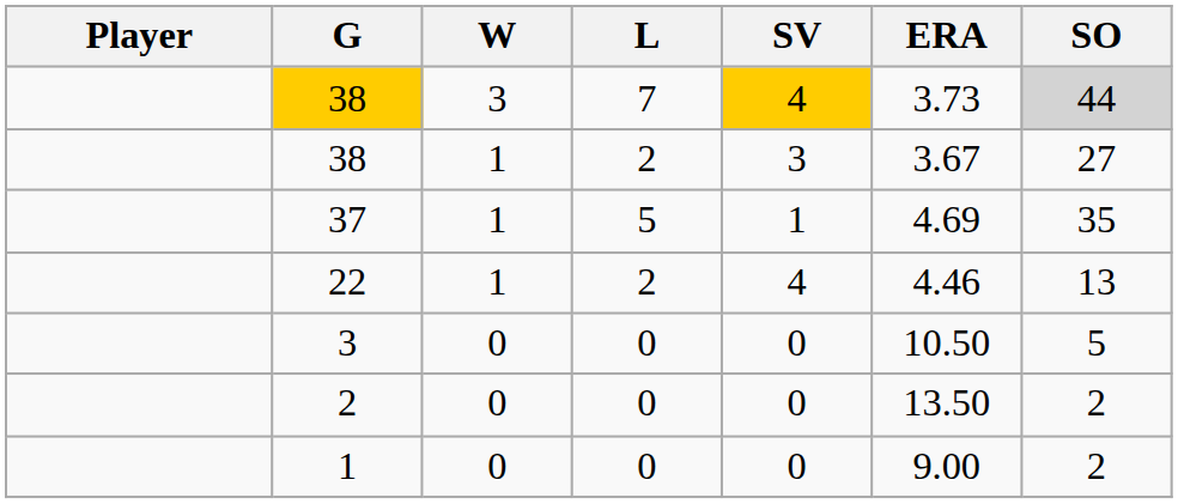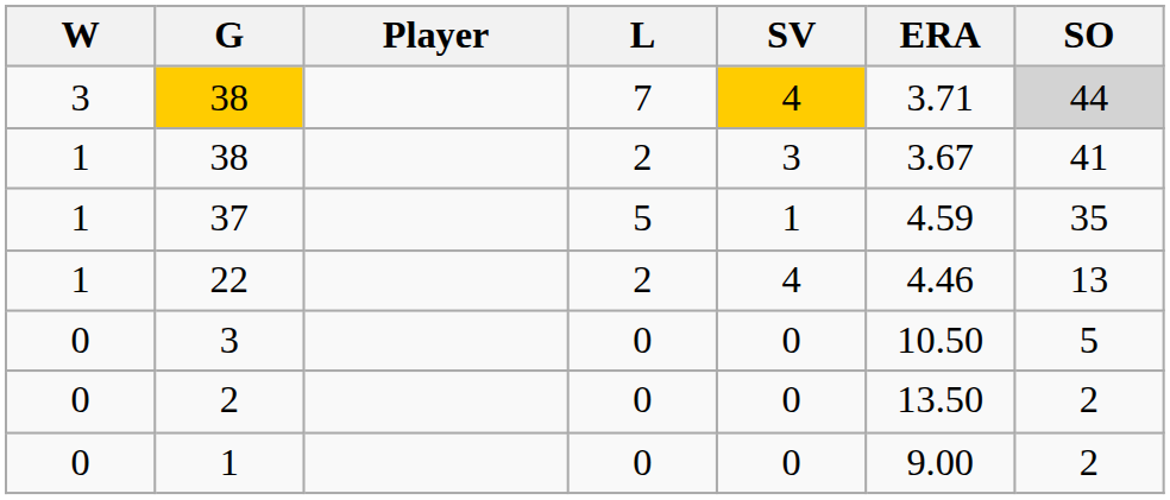 <table class="wikitable sortable">
 <tr>
+<th bgcolor="#DDDDFF" width="9%">W</th>
+<th bgcolor="#DDDDFF" width="9%">G</th>
 <th bgcolor="#DDDDFF" width="16%">Player</th>
-<th bgcolor="#DDDDFF" width="9%">G</th>
-<th bgcolor="#DDDDFF" width="9%">W</th>
 <th bgcolor="#DDDDFF" width="9%">L</th>
 <th bgcolor="#DDDDFF" width="9%">SV</th>
 <th bgcolor="#DDDDFF" width="9%">ERA</th>
 <th bgcolor="#DDDDFF" width="9%">SO</th>
 </tr>
 <tr align="center">
+<td>3</td>
+<td style="background:#fc0;">38</td>
 <td></td>
-<td style="background:#fc0;">38</td>
-<td>3</td>
 <td>7</td>
 <td style="background:#fc0;">4</td>
-<td>3.73</td>
+<td>3.71</td>
 <td style="background: lightgrey;">44</td>
 </tr>
 <tr align="center">
+<td>1</td>
+<td>38</td>
 <td></td>
-<td>38</td>
-<td>1</td>
 <td>2</td>
 <td>3</td>
 <td>3.67</td>
-<td>27</td>
+<td>41</td>
 </tr>
 <tr align="center">
+<td>1</td>
+<td>37</td>
 <td></td>
-<td>37</td>
-<td>1</td>
 <td>5</td>
 <td>1</td>
-<td>4.69</td>
+<td>4.59</td>
 <td>35</td>
 </tr>
 <tr align="center">
+<td>1</td>
+<td>22</td>
 <td></td>
-<td>22</td>
-<td>1</td>
 <td>2</td>
 <td>4</td>
 <td>4.46</td>
 <td>13</td>
 </tr>
 <tr align="center">
+<td>0</td>
+<td>3</td>
 <td></td>
-<td>3</td>
-<td>0</td>
 <td>0</td>
 <td>0</td>
 <td>10.50</td>
 <td>5</td>
 </tr>
 <tr align="center">
+<td>0</td>
+<td>2</td>
 <td></td>
-<td>2</td>
-<td>0</td>
 <td>0</td>
 <td>0</td>
 <td>13.50</td>
 <td>2</td>
 </tr>
 <tr align="center">
+<td>0</td>
+<td>1</td>
 <td></td>
-<td>1</td>
-<td>0</td>
 <td>0</td>
 <td>0</td>
 <td>9.00</td>
 <td>2</td>
 </tr>
 </table>
